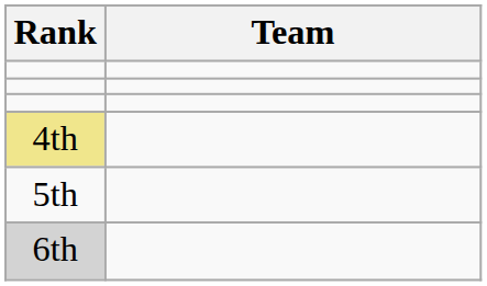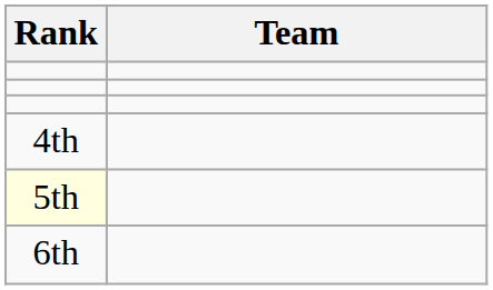 <table class=wikitable style="text-align:center;">
 <tr>
 <th>Rank</th>
 <th width=162>Team</th>
 </tr>
 <tr>
 <td></td>
 <td align=left></td>
 </tr>
 <tr>
 <td></td>
 <td align=left></td>
 </tr>
 <tr>
 <td></td>
 <td align=left></td>
 </tr>
 <tr>
-<td style="background: khaki;">4th</td>
+<td>4th</td>
 <td align=left></td>
 </tr>
 <tr>
-<td>5th</td>
+<td style="background: lightyellow;">5th</td>
 <td align=left></td>
 </tr>
 <tr>
-<td style="background: lightgrey;">6th</td>
+<td>6th</td>
 <td align=left></td>
 </tr>
 </table>
